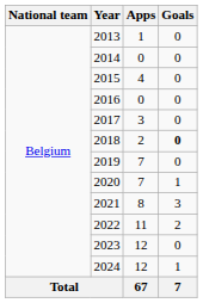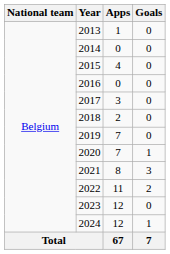 <table class="wikitable" style="text-align:center">
 <tr>
 <th>National team</th>
 <th>Year</th>
 <th>Apps</th>
 <th>Goals</th>
 </tr>
 <tr>
 <td rowspan="12"><a href='#'>Belgium</a></td>
 <td>2013</td>
 <td>1</td>
 <td>0</td>
 </tr>
 <tr>
 <td>2014</td>
 <td>0</td>
 <td>0</td>
 </tr>
 <tr>
 <td>2015</td>
 <td>4</td>
 <td>0</td>
 </tr>
 <tr>
 <td>2016</td>
 <td>0</td>
 <td>0</td>
 </tr>
 <tr>
 <td>2017</td>
 <td>3</td>
 <td>0</td>
 </tr>
 <tr>
 <td>2018</td>
 <td>2</td>
-<td><strong>0</strong></td>
+<td>0</td>
 </tr>
 <tr>
 <td>2019</td>
 <td>7</td>
 <td>0</td>
 </tr>
 <tr>
 <td>2020</td>
 <td>7</td>
 <td>1</td>
 </tr>
 <tr>
 <td>2021</td>
 <td>8</td>
 <td>3</td>
 </tr>
 <tr>
 <td>2022</td>
 <td>11</td>
 <td>2</td>
 </tr>
 <tr>
 <td>2023</td>
 <td>12</td>
 <td>0</td>
 </tr>
 <tr>
 <td>2024</td>
 <td>12</td>
 <td>1</td>
 </tr>
 <tr>
 <th colspan="2">Total</th>
 <th>67</th>
 <th>7</th>
 </tr>
 </table>
